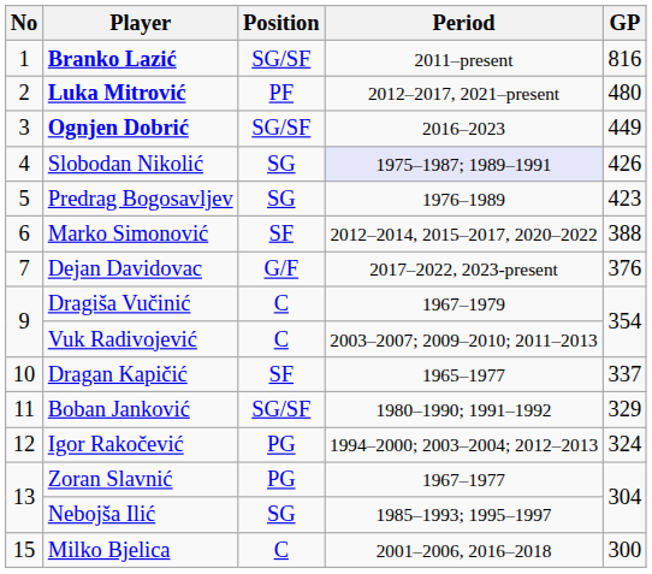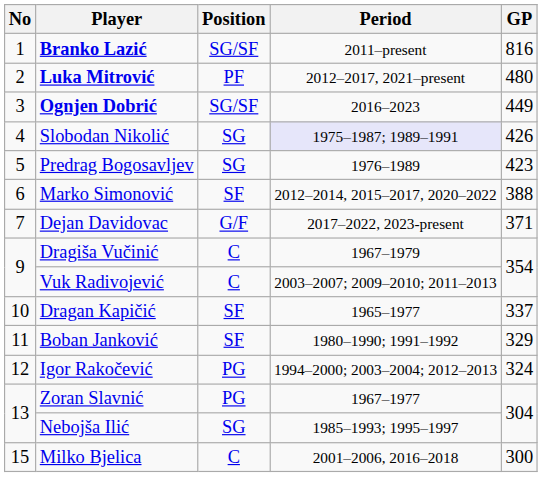 <table class="wikitable sortable" style="text-align:center">
 <tr>
 <th>No</th>
 <th>Player</th>
 <th>Position</th>
 <th>Period</th>
 <th>GP</th>
 </tr>
 <tr>
 <td>1</td>
 <td style="text-align:left;"> <strong><a href='#'>Branko Lazić</a></strong></td>
 <td><a href='#'>SG/SF</a></td>
 <td><small>2011–present</small></td>
 <td>816</td>
 </tr>
 <tr>
 <td>2</td>
 <td style="text-align:left;"> <strong><a href='#'>Luka Mitrović</a></strong></td>
 <td><a href='#'>PF</a></td>
 <td><small>2012–2017, 2021–present</small></td>
 <td>480</td>
 </tr>
 <tr>
 <td>3</td>
 <td style="text-align:left;"> <strong><a href='#'>Ognjen Dobrić</a></strong></td>
 <td><a href='#'>SG/SF</a></td>
 <td><small>2016–2023</small></td>
 <td>449</td>
 </tr>
 <tr>
 <td>4</td>
 <td style="text-align:left;"> <a href='#'>Slobodan Nikolić</a></td>
 <td><a href='#'>SG</a></td>
 <td style="background: lavender;"><small>1975–1987; 1989–1991</small></td>
 <td>426</td>
 </tr>
 <tr>
 <td>5</td>
 <td style="text-align:left;"> <a href='#'>Predrag Bogosavljev</a></td>
 <td><a href='#'>SG</a></td>
 <td><small>1976–1989</small></td>
 <td>423</td>
 </tr>
 <tr>
 <td>6</td>
 <td style="text-align:left;"> <a href='#'>Marko Simonović</a></td>
 <td><a href='#'>SF</a></td>
 <td><small>2012–2014, 2015–2017, 2020–2022</small></td>
 <td>388</td>
 </tr>
 <tr>
 <td>7</td>
 <td style="text-align:left;"> <a href='#'>Dejan Davidovac</a></td>
 <td><a href='#'>G/F</a></td>
 <td><small>2017–2022, 2023-present</small></td>
-<td>376</td>
+<td>371</td>
 </tr>
 <tr>
 <td rowspan="2">9</td>
 <td style="text-align:left;"> <a href='#'>Dragiša Vučinić</a></td>
 <td><a href='#'>C</a></td>
 <td><small>1967–1979</small></td>
 <td rowspan="2">354</td>
 </tr>
 <tr>
 <td style="text-align:left;"> <a href='#'>Vuk Radivojević</a></td>
 <td><a href='#'>C</a></td>
 <td><small>2003–2007; 2009–2010; 2011–2013</small></td>
 </tr>
 <tr>
 <td>10</td>
 <td style="text-align:left;"> <a href='#'>Dragan Kapičić</a></td>
 <td><a href='#'>SF</a></td>
 <td><small>1965–1977</small></td>
 <td>337</td>
 </tr>
 <tr>
 <td>11</td>
 <td style="text-align:left;"> <a href='#'>Boban Janković</a></td>
-<td><a href='#'>SG/SF</a></td>
+<td><a href='#'>SF</a></td>
 <td><small>1980–1990; 1991–1992</small></td>
 <td>329</td>
 </tr>
 <tr>
 <td>12</td>
 <td style="text-align:left;"> <a href='#'>Igor Rakočević</a></td>
 <td><a href='#'>PG</a></td>
 <td><small>1994–2000; 2003–2004; 2012–2013</small></td>
 <td>324</td>
 </tr>
 <tr>
 <td rowspan="2">13</td>
 <td style="text-align:left;"> <a href='#'>Zoran Slavnić</a></td>
 <td><a href='#'>PG</a></td>
 <td><small>1967–1977</small></td>
 <td rowspan="2">304</td>
 </tr>
 <tr>
 <td style="text-align:left;"> <a href='#'>Nebojša Ilić</a></td>
 <td><a href='#'>SG</a></td>
 <td><small>1985–1993; 1995–1997</small></td>
 </tr>
 <tr>
 <td>15</td>
 <td style="text-align:left;"> <a href='#'>Milko Bjelica</a></td>
 <td><a href='#'>C</a></td>
 <td><small>2001–2006, 2016–2018</small></td>
 <td>300</td>
 </tr>
 </table>
